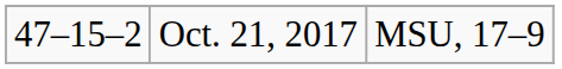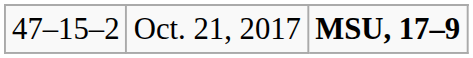 <table class="wikitable">
 <tr align="center">
 </tr>
 <tr align="center">
 <td>47–15–2</td>
 <td>Oct. 21, 2017</td>
-<td>MSU, 17–9</td>
+<td><strong>MSU, 17–9</strong></td>
 </tr>
 </table>
